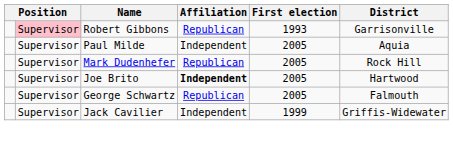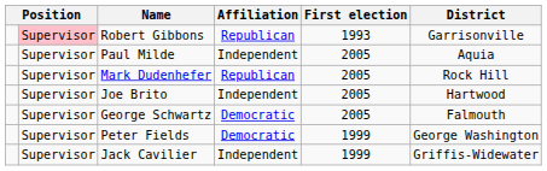 <table class=wikitable>
 <tr>
 <th colspan=2 align=center valign=bottom>Position</th>
 <th style="text-align:center;">Name</th>
 <th valign=bottom>Affiliation</th>
 <th valign=bottom align=center>First election</th>
 <th valign=bottom align=center>District</th>
 </tr>
 <tr>
 <td style="background-color:"> </td>
 <td style="background: pink;">Supervisor</td>
 <td>Robert Gibbons</td>
 <td style="text-align:center;"><a href='#'>Republican</a></td>
 <td style="text-align:center;">1993</td>
 <td style="text-align:center;">Garrisonville</td>
 </tr>
 <tr>
 <td style="background-color:"> </td>
 <td>Supervisor</td>
 <td>Paul Milde</td>
 <td style="text-align:center;">Independent</td>
 <td style="text-align:center;">2005</td>
 <td style="text-align:center;">Aquia</td>
 </tr>
 <tr>
 <td style="background-color:"> </td>
 <td>Supervisor</td>
 <td><a href='#'>Mark Dudenhefer</a></td>
 <td style="text-align:center;"><a href='#'>Republican</a></td>
 <td style="text-align:center;">2005</td>
 <td style="text-align:center;">Rock Hill</td>
 </tr>
 <tr>
 <td style="background-color:"> </td>
 <td>Supervisor</td>
 <td>Joe Brito</td>
-<td style="text-align:center;"><strong>Independent</strong></td>
+<td style="text-align:center;">Independent</td>
 <td style="text-align:center;">2005</td>
 <td style="text-align:center;">Hartwood</td>
 </tr>
 <tr>
 <td style="background-color:"> </td>
 <td>Supervisor</td>
 <td>George Schwartz</td>
-<td style="text-align:center;"><a href='#'>Republican</a></td>
+<td style="text-align:center;"><a href='#'>Democratic</a></td>
 <td style="text-align:center;">2005</td>
 <td style="text-align:center;">Falmouth</td>
+</tr>
+<tr>
+<td style="background-color:"> </td>
+<td>Supervisor</td>
+<td>Peter Fields</td>
+<td style="text-align:center;"><a href='#'>Democratic</a></td>
+<td style="text-align:center;">1999</td>
+<td style="text-align:center;">George Washington</td>
 </tr>
 <tr>
 <td style="background-color:"> </td>
 <td>Supervisor</td>
 <td>Jack Cavilier</td>
 <td style="text-align:center;">Independent</td>
 <td style="text-align:center;">1999</td>
 <td style="text-align:center;">Griffis-Widewater</td>
 </tr>
 </table>
